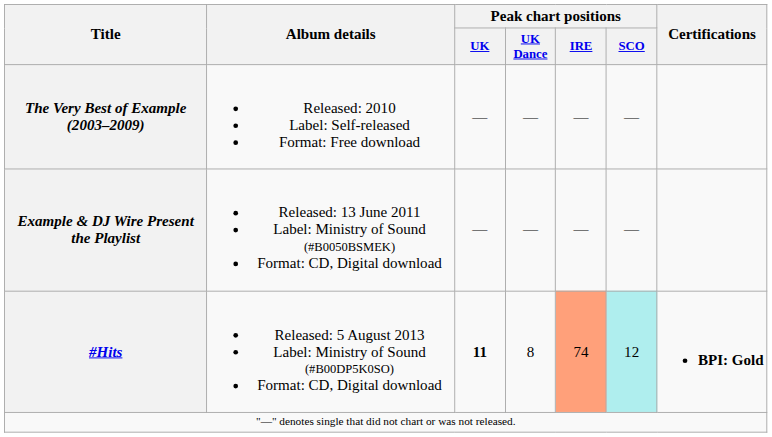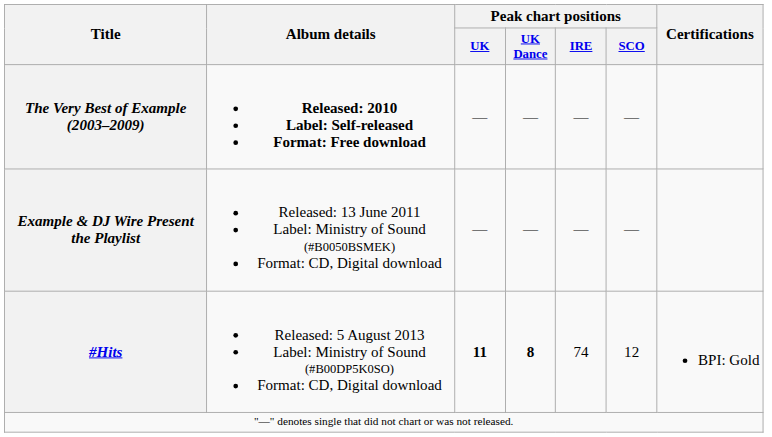 <table class="wikitable plainrowheaders" style="text-align:center;">
 <tr>
 <th scope="col" rowspan="2" style="width:13em;">Title</th>
 <th scope="col" rowspan="2" style="width:16em;">Album details</th>
 <th scope="col" colspan="4" style="width:13em;">Peak chart positions</th>
 <th scope="col" rowspan="2">Certifications</th>
 </tr>
 <tr>
 <th scope="col" style="width:3em;font-size:85%;"><a href='#'>UK</a><br></th>
 <th scope="col" style="width:3em;font-size:85%;"><a href='#'>UK<br>Dance</a><br></th>
 <th scope="col" style="width:3em;font-size:85%;"><a href='#'>IRE</a><br></th>
 <th scope="col" style="width:3em;font-size:85%;"><a href='#'>SCO</a></th>
 </tr>
 <tr>
 <th scope="row"><em>The Very Best of Example (2003–2009)</em></th>
-<td><br><ul><li>Released: 2010</li><li>Label: Self-released</li><li>Format: Free download</li></ul></td>
+<td><strong><br><ul><li>Released: 2010</li><li>Label: Self-released</li><li>Format: Free download</li></ul></strong></td>
 <td>—</td>
 <td>—</td>
 <td>—</td>
 <td>—</td>
 <td></td>
 </tr>
 <tr>
 <th scope="row"><em>Example & DJ Wire Present the Playlist</em></th>
 <td><br><ul><li>Released: 13 June 2011</li><li>Label: Ministry of Sound <small>(#B0050BSMEK)</small></li><li>Format: CD, Digital download</li></ul></td>
 <td>—</td>
 <td>—</td>
 <td>—</td>
 <td>—</td>
 <td></td>
 </tr>
 <tr>
 <th scope="row"><em><a href='#'>#Hits</a></em></th>
 <td><br><ul><li>Released: 5 August 2013</li><li>Label: Ministry of Sound <small>(#B00DP5K0SO)</small></li><li>Format: CD, Digital download</li></ul></td>
 <td><strong>11</strong></td>
-<td>8</td>
-<td style="background: lightsalmon;">74</td>
-<td style="background: paleturquoise;">12</td>
-<td><strong><br><ul><li>BPI: Gold</li></ul></strong></td>
+<td><strong>8</strong></td>
+<td>74</td>
+<td>12</td>
+<td><br><ul><li>BPI: Gold</li></ul></td>
 </tr>
 <tr>
 <td colspan="17" style="font-size:9pt">"—" denotes single that did not chart or was not released.</td>
 </tr>
 </table>
